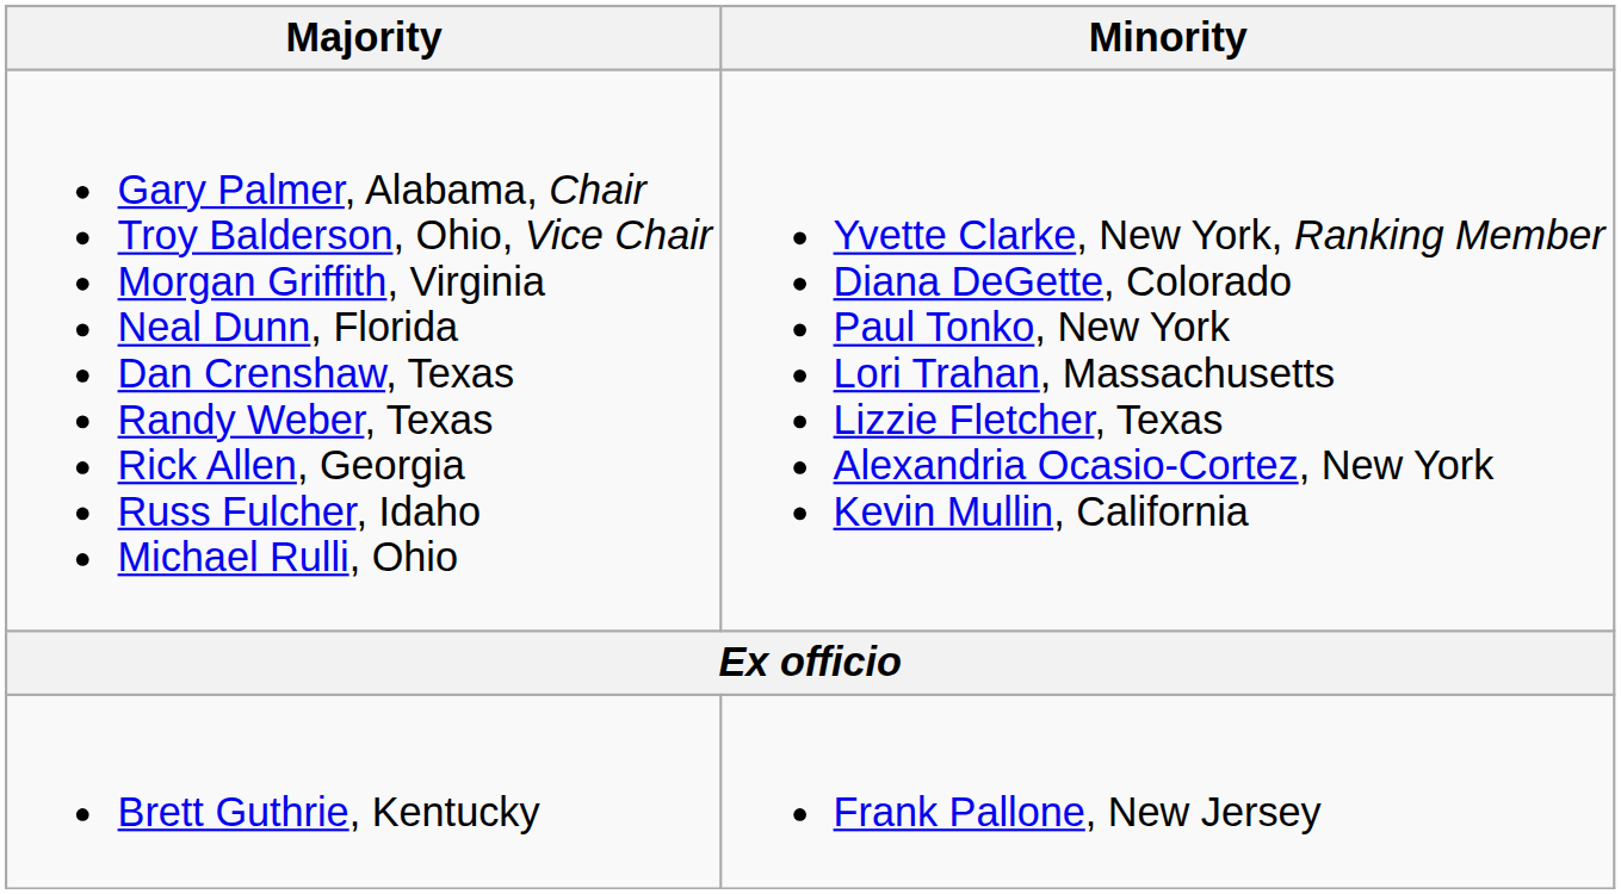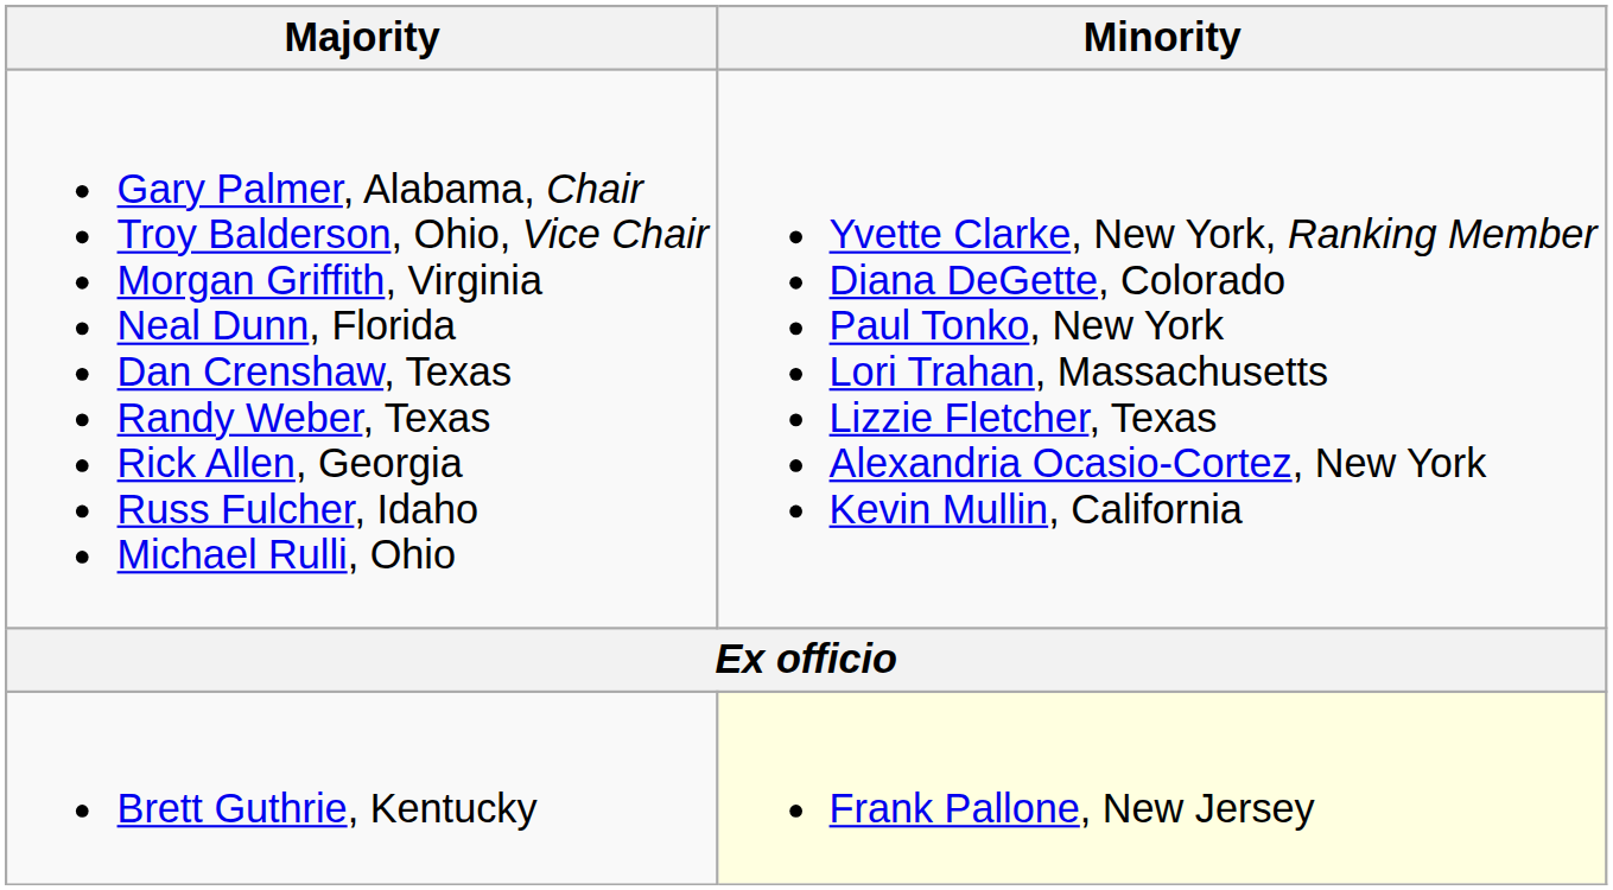 <table class=wikitable>
 <tr>
 <th>Majority</th>
 <th>Minority</th>
 </tr>
 <tr>
 <td><br><ul><li><a href='#'>Gary Palmer</a>, Alabama, <em>Chair</em></li><li><a href='#'>Troy Balderson</a>, Ohio, <em>Vice Chair</em></li><li><a href='#'>Morgan Griffith</a>, Virginia</li><li><a href='#'>Neal Dunn</a>, Florida</li><li><a href='#'>Dan Crenshaw</a>, Texas</li><li><a href='#'>Randy Weber</a>, Texas</li><li><a href='#'>Rick Allen</a>, Georgia</li><li><a href='#'>Russ Fulcher</a>, Idaho</li><li><a href='#'>Michael Rulli</a>, Ohio</li></ul></td>
 <td><br><ul><li><a href='#'>Yvette Clarke</a>, New York, <em>Ranking Member</em></li><li><a href='#'>Diana DeGette</a>, Colorado</li><li><a href='#'>Paul Tonko</a>, New York</li><li><a href='#'>Lori Trahan</a>, Massachusetts</li><li><a href='#'>Lizzie Fletcher</a>, Texas</li><li><a href='#'>Alexandria Ocasio-Cortez</a>, New York</li><li><a href='#'>Kevin Mullin</a>, California</li></ul></td>
 </tr>
 <tr>
 <th colspan=2><em>Ex officio</em></th>
 </tr>
 <tr>
 <td><br><ul><li><a href='#'>Brett Guthrie</a>, Kentucky</li></ul></td>
-<td><br><ul><li><a href='#'>Frank Pallone</a>, New Jersey</li></ul></td>
+<td style="background: lightyellow;"><br><ul><li><a href='#'>Frank Pallone</a>, New Jersey</li></ul></td>
 </tr>
 </table>
